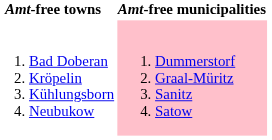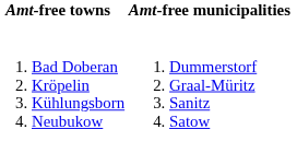 <table>
 <tr>
 <th><em>Amt</em>-free towns</th>
 <th><em>Amt</em>-free municipalities</th>
 </tr>
 <tr>
 <td valign=top><br><ol><li><a href='#'>Bad Doberan</a></li><li><a href='#'>Kröpelin</a></li><li><a href='#'>Kühlungsborn</a></li><li><a href='#'>Neubukow</a></li></ol></td>
-<td valign=top style="background: pink;"><br><ol><li><a href='#'>Dummerstorf</a></li><li><a href='#'>Graal-Müritz</a></li><li><a href='#'>Sanitz</a></li><li><a href='#'>Satow</a></li></ol></td>
+<td valign=top><br><ol><li><a href='#'>Dummerstorf</a></li><li><a href='#'>Graal-Müritz</a></li><li><a href='#'>Sanitz</a></li><li><a href='#'>Satow</a></li></ol></td>
 </tr>
 </table>
